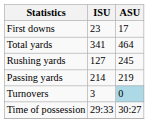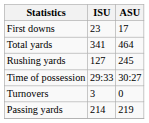 <table class="wikitable" style="float: left;">
 <tr>
 <th>Statistics</th>
 <th>ISU</th>
 <th>ASU</th>
 </tr>
 <tr>
 <td>First downs</td>
 <td>23</td>
 <td>17</td>
 </tr>
 <tr>
 <td>Total yards</td>
 <td>341</td>
 <td>464</td>
 </tr>
 <tr>
 <td>Rushing yards</td>
 <td>127</td>
 <td>245</td>
 </tr>
 <tr>
+<td>Time of possession</td>
+<td>29:33</td>
+<td>30:27</td>
+</tr>
+<tr>
+<td>Turnovers</td>
+<td>3</td>
+<td>0</td>
+</tr>
+<tr>
 <td>Passing yards</td>
 <td>214</td>
 <td>219</td>
 </tr>
 <tr>
-<td>Turnovers</td>
-<td>3</td>
-<td style="background: lightblue;">0</td>
-</tr>
-<tr>
-<td>Time of possession</td>
-<td>29:33</td>
-<td>30:27</td>
-</tr>
-<tr>
 </tr>
 </table>
